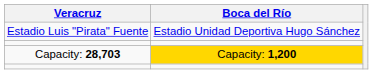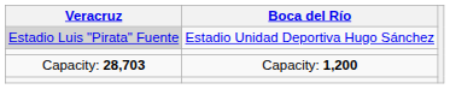 <table class=wikitable style="text-align:center"">
 <tr>
 <th><a href='#'>Veracruz</a></th>
 <th><a href='#'>Boca del Río</a></th>
 <th rowspan="5"></th>
 </tr>
 <tr>
-<td><a href='#'>Estadio Luis "Pirata" Fuente</a></td>
+<td style="background: lightgrey;"><a href='#'>Estadio Luis "Pirata" Fuente</a></td>
 <td><a href='#'>Estadio Unidad Deportiva Hugo Sánchez</a></td>
 </tr>
 <tr>
 <td></td>
 <td></td>
 </tr>
 <tr>
 <td>Capacity: <strong>28,703</strong></td>
-<td style="background: gold;">Capacity: <strong>1,200</strong></td>
+<td>Capacity: <strong>1,200</strong></td>
 </tr>
 <tr>
 <td></td>
 <td></td>
 </tr>
 </table>
